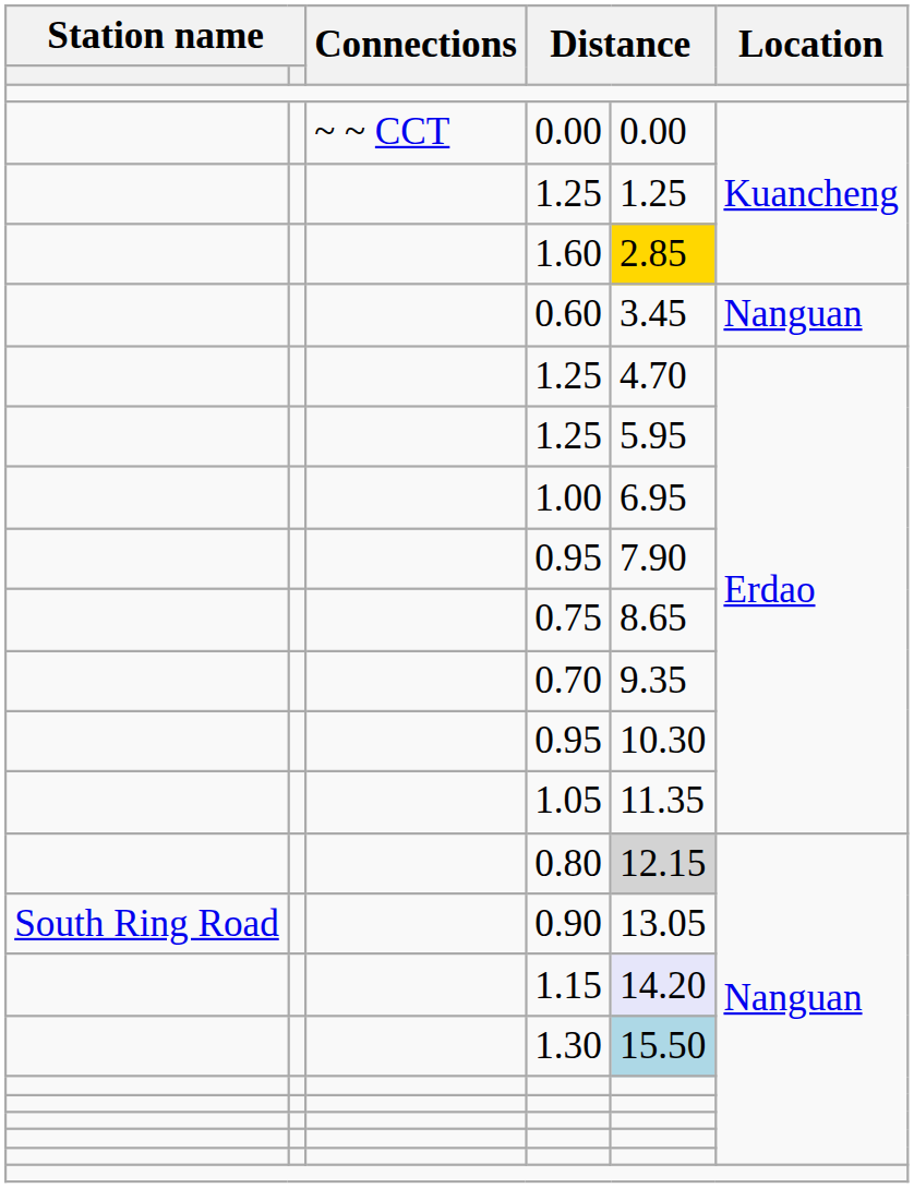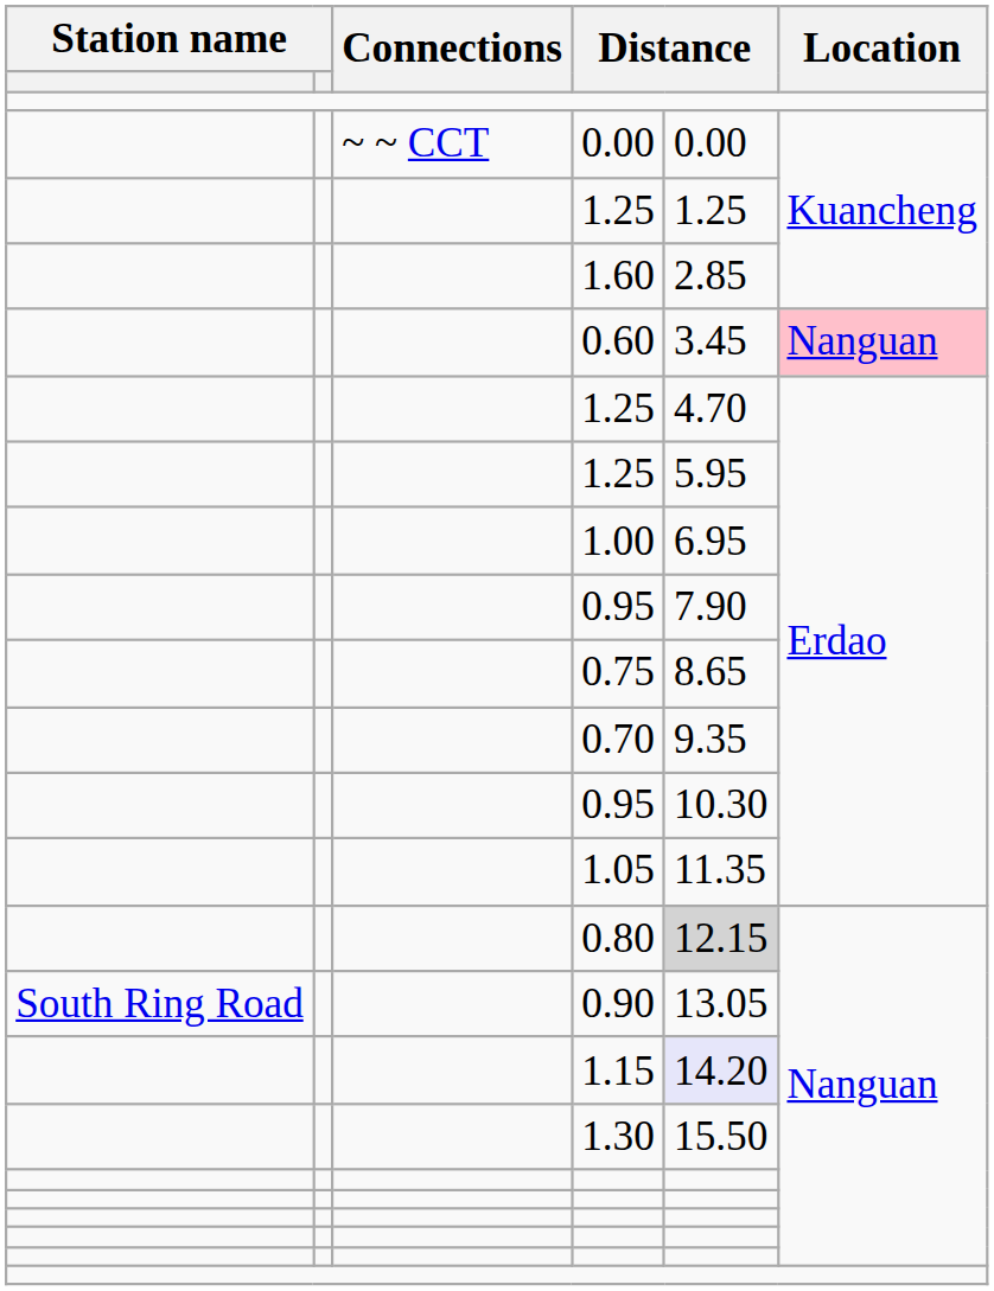 <table class="wikitable">
 <tr>
 <th colspan="2">Station name</th>
 <th rowspan="2">Connections</th>
 <th colspan="2" rowspan="2">Distance<br></th>
 <th rowspan="2">Location</th>
 </tr>
 <tr>
 <th></th>
 <th></th>
 </tr>
 <tr style="background:#">
 <td colspan = "6"></td>
 </tr>
 <tr>
 <td></td>
 <td></td>
 <td>~ ~  <a href='#'>CCT</a><br></td>
 <td>0.00</td>
 <td>0.00</td>
 <td rowspan="3"><a href='#'>Kuancheng</a></td>
 </tr>
 <tr>
 <td></td>
 <td></td>
 <td></td>
 <td>1.25</td>
 <td>1.25</td>
 </tr>
 <tr>
 <td></td>
 <td></td>
 <td></td>
 <td>1.60</td>
-<td style="background: gold;">2.85</td>
+<td>2.85</td>
 </tr>
 <tr>
 <td></td>
 <td></td>
 <td></td>
 <td>0.60</td>
 <td>3.45</td>
-<td><a href='#'>Nanguan</a></td>
+<td style="background: pink;"><a href='#'>Nanguan</a></td>
 </tr>
 <tr>
 <td></td>
 <td></td>
 <td></td>
 <td>1.25</td>
 <td>4.70</td>
 <td rowspan="8"><a href='#'>Erdao</a></td>
 </tr>
 <tr>
 <td></td>
 <td></td>
 <td></td>
 <td>1.25</td>
 <td>5.95</td>
 </tr>
 <tr>
 <td></td>
 <td></td>
 <td></td>
 <td>1.00</td>
 <td>6.95</td>
 </tr>
 <tr>
 <td></td>
 <td></td>
 <td></td>
 <td>0.95</td>
 <td>7.90</td>
 </tr>
 <tr>
 <td></td>
 <td></td>
 <td></td>
 <td>0.75</td>
 <td>8.65</td>
 </tr>
 <tr>
 <td></td>
 <td></td>
 <td></td>
 <td>0.70</td>
 <td>9.35</td>
 </tr>
 <tr>
 <td></td>
 <td></td>
 <td></td>
 <td>0.95</td>
 <td>10.30</td>
 </tr>
 <tr>
 <td></td>
 <td></td>
 <td></td>
 <td>1.05</td>
 <td>11.35</td>
 </tr>
 <tr>
 <td></td>
 <td></td>
 <td></td>
 <td>0.80</td>
 <td style="background: lightgrey;">12.15</td>
 <td rowspan="9"><a href='#'>Nanguan</a></td>
 </tr>
 <tr>
 <td><a href='#'>South Ring Road</a></td>
 <td></td>
 <td></td>
 <td>0.90</td>
 <td>13.05</td>
 </tr>
 <tr>
 <td></td>
 <td></td>
 <td></td>
 <td>1.15</td>
 <td style="background: lavender;">14.20</td>
 </tr>
 <tr>
 <td></td>
 <td></td>
 <td></td>
 <td>1.30</td>
-<td style="background: lightblue;">15.50</td>
+<td>15.50</td>
 </tr>
 <tr>
 <td></td>
 <td></td>
 <td></td>
 <td></td>
 <td></td>
 </tr>
 <tr>
 <td></td>
 <td></td>
 <td></td>
 <td></td>
 <td></td>
 </tr>
 <tr>
 <td></td>
 <td></td>
 <td></td>
 <td></td>
 <td></td>
 </tr>
 <tr>
 <td></td>
 <td></td>
 <td></td>
 <td></td>
 <td></td>
 </tr>
 <tr>
 <td></td>
 <td></td>
 <td></td>
 <td></td>
 <td></td>
 </tr>
 <tr style="background:#">
 <td colspan = "6"></td>
 </tr>
 </table>
